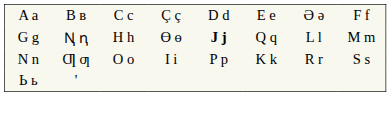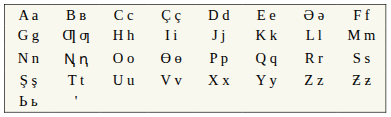 <table style="font-family:Arial Unicode MS; font-size:1.4em; border-color:#000000; border-width:1px; border-style:solid; border-collapse:collapse; background-color:#F8F8EF">
 <tr>
 <td style="width:3em; text-align:center; padding: 3px;">A a</td>
 <td style="width:3em; text-align:center; padding: 3px;">B ʙ</td>
 <td style="width:3em; text-align:center; padding: 3px;">C c</td>
 <td style="width:3em; text-align:center; padding: 3px;">Ç ç</td>
 <td style="width:3em; text-align:center; padding: 3px;">D d</td>
 <td style="width:3em; text-align:center; padding: 3px;">E e</td>
 <td style="width:3em; text-align:center; padding: 3px;">Ə ə</td>
 <td style="width:3em; text-align:center; padding: 3px;">F f</td>
 </tr>
 <tr>
 <td style="width:3em; text-align:center; padding: 3px;">G g</td>
-<td style="width:3em; text-align:center; padding: 3px;">Ꞑ ꞑ</td>
+<td style="width:3em; text-align:center; padding: 3px;">Ƣ ƣ</td>
 <td style="width:3em; text-align:center; padding: 3px;">H h</td>
-<td style="width:3em; text-align:center; padding: 3px;">Ө ө</td>
-<td style="width:3em; text-align:center; padding: 3px;"><strong>J j</strong></td>
-<td style="width:3em; text-align:center; padding: 3px;">Q q</td>
+<td style="width:3em; text-align:center; padding: 3px;">I i</td>
+<td style="width:3em; text-align:center; padding: 3px;">J j</td>
+<td style="width:3em; text-align:center; padding: 3px;">K k</td>
 <td style="width:3em; text-align:center; padding: 3px;">L l</td>
 <td style="width:3em; text-align:center; padding: 3px;">M m</td>
 </tr>
 <tr>
 <td style="width:3em; text-align:center; padding: 3px;">N n</td>
-<td style="width:3em; text-align:center; padding: 3px;">Ƣ ƣ</td>
+<td style="width:3em; text-align:center; padding: 3px;">Ꞑ ꞑ</td>
 <td style="width:3em; text-align:center; padding: 3px;">O o</td>
-<td style="width:3em; text-align:center; padding: 3px;">I i</td>
+<td style="width:3em; text-align:center; padding: 3px;">Ө ө</td>
 <td style="width:3em; text-align:center; padding: 3px;">P p</td>
-<td style="width:3em; text-align:center; padding: 3px;">K k</td>
+<td style="width:3em; text-align:center; padding: 3px;">Q q</td>
 <td style="width:3em; text-align:center; padding: 3px;">R r</td>
 <td style="width:3em; text-align:center; padding: 3px;">S s</td>
+</tr>
+<tr>
+<td style="width:3em; text-align:center; padding: 3px;">Ş ş</td>
+<td style="width:3em; text-align:center; padding: 3px;">T t</td>
+<td style="width:3em; text-align:center; padding: 3px;">U u</td>
+<td style="width:3em; text-align:center; padding: 3px;">V v</td>
+<td style="width:3em; text-align:center; padding: 3px;">X x</td>
+<td style="width:3em; text-align:center; padding: 3px;">Y y</td>
+<td style="width:3em; text-align:center; padding: 3px;">Z z</td>
+<td style="width:3em; text-align:center; padding: 3px;">Ƶ ƶ</td>
 </tr>
 <tr>
 <td style="width:3em; text-align:center; padding: 3px;">Ь ь</td>
 <td style="width:3em; text-align:center; padding: 3px;">'</td>
 </tr>
 </table>
